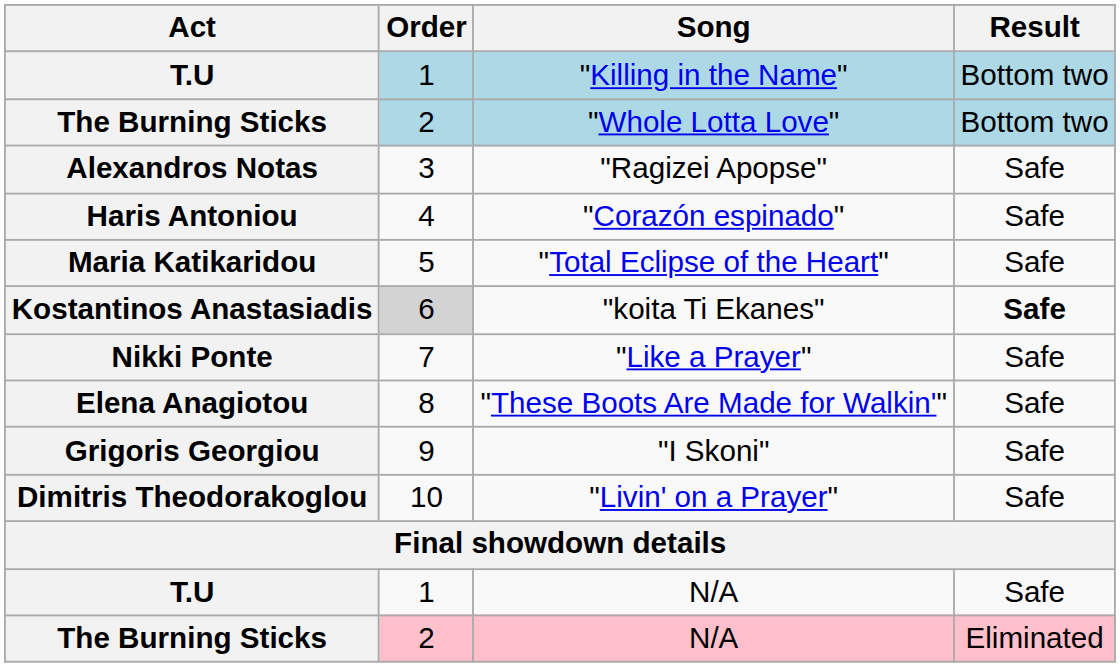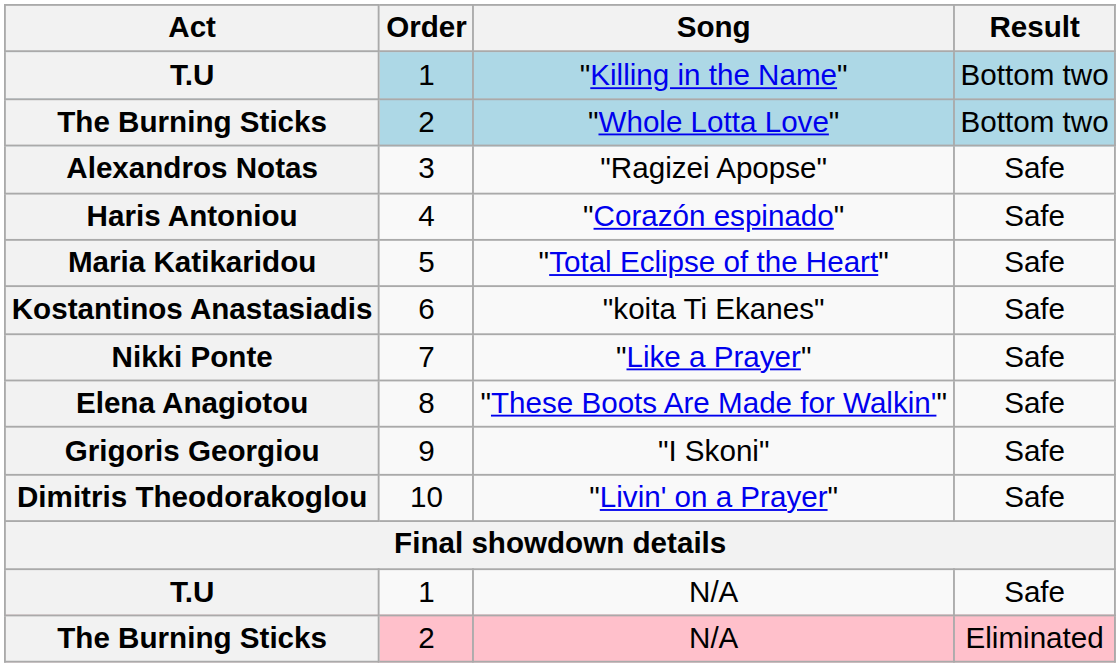 <table class="wikitable plainrowheaders" style="text-align:center;">
 <tr>
 <th scope="col">Act</th>
 <th scope="col">Order</th>
 <th scope="col">Song</th>
 <th scope="col">Result</th>
 </tr>
 <tr style="background:lightblue;">
 <th scope="row">T.U</th>
 <td>1</td>
 <td>"<a href='#'>Killing in the Name</a>"</td>
 <td>Bottom two</td>
 </tr>
 <tr style="background:lightblue;">
 <th scope="row">The Burning Sticks</th>
 <td>2</td>
 <td>"<a href='#'>Whole Lotta Love</a>"</td>
 <td>Bottom two</td>
 </tr>
 <tr>
 <th scope="row">Alexandros Notas</th>
 <td>3</td>
 <td>"Ragizei Apopse"</td>
 <td>Safe</td>
 </tr>
 <tr>
 <th scope="row">Haris Antoniou</th>
 <td>4</td>
 <td>"<a href='#'>Corazón espinado</a>"</td>
 <td>Safe</td>
 </tr>
 <tr>
 <th scope="row">Maria Katikaridou</th>
 <td>5</td>
 <td>"<a href='#'>Total Eclipse of the Heart</a>"</td>
 <td>Safe</td>
 </tr>
 <tr>
 <th scope="row">Kostantinos Anastasiadis</th>
-<td style="background: lightgrey;">6</td>
+<td>6</td>
 <td>"koita Ti Ekanes"</td>
-<td><strong>Safe</strong></td>
+<td>Safe</td>
 </tr>
 <tr>
 <th scope="row">Nikki Ponte</th>
 <td>7</td>
 <td>"<a href='#'>Like a Prayer</a>"</td>
 <td>Safe</td>
 </tr>
 <tr>
 <th scope="row">Elena Anagiotou</th>
 <td>8</td>
 <td>"<a href='#'>These Boots Are Made for Walkin'</a>"</td>
 <td>Safe</td>
 </tr>
 <tr>
 <th scope="row">Grigoris Georgiou</th>
 <td>9</td>
 <td>"I Skoni"</td>
 <td>Safe</td>
 </tr>
 <tr>
 <th scope="row">Dimitris Theodorakoglou</th>
 <td>10</td>
 <td>"<a href='#'>Livin' on a Prayer</a>"</td>
 <td>Safe</td>
 </tr>
 <tr>
 <th scope="col" colspan="6">Final showdown details</th>
 </tr>
 <tr>
 <th scope="row">T.U</th>
 <td>1</td>
 <td>N/A</td>
 <td>Safe</td>
 </tr>
 <tr style="background:pink;">
 <th scope="row">The Burning Sticks</th>
 <td>2</td>
 <td>N/A</td>
 <td>Eliminated</td>
 </tr>
 </table>
